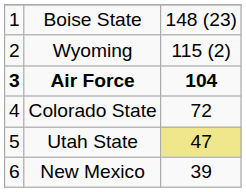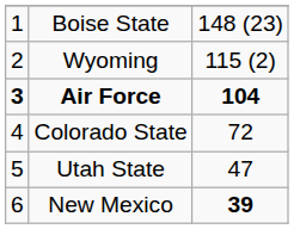 <table class="wikitable" style="display: inline-table;">
 <tr align="center">
 </tr>
 <tr align="center">
 <td>1</td>
 <td>Boise State</td>
 <td>148 (23)</td>
 </tr>
 <tr align="center">
 <td>2</td>
 <td>Wyoming</td>
 <td>115 (2)</td>
 </tr>
 <tr align="center">
 <td><strong>3</strong></td>
 <td><strong>Air Force</strong></td>
 <td><strong>104</strong></td>
 </tr>
 <tr align="center">
 <td>4</td>
 <td>Colorado State</td>
 <td>72</td>
 </tr>
 <tr align="center">
 <td>5</td>
 <td>Utah State</td>
-<td style="background: khaki;">47</td>
+<td>47</td>
 </tr>
 <tr align="center">
 <td>6</td>
 <td>New Mexico</td>
-<td>39</td>
+<td><strong>39</strong></td>
 </tr>
 </table>
